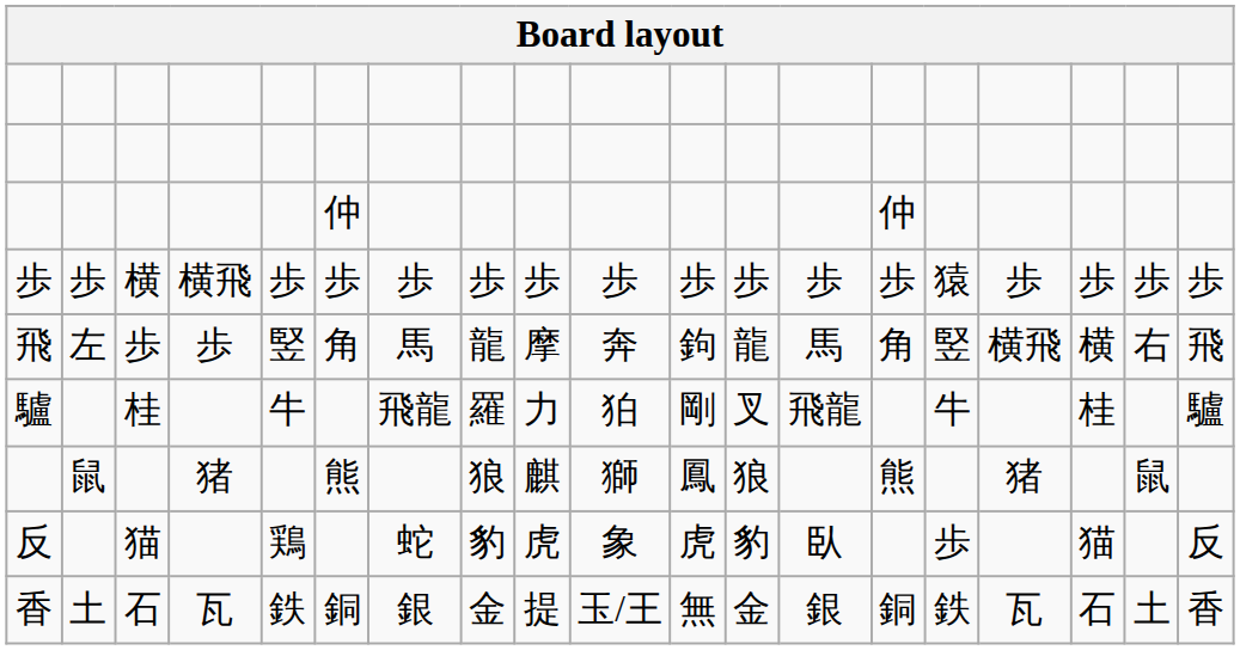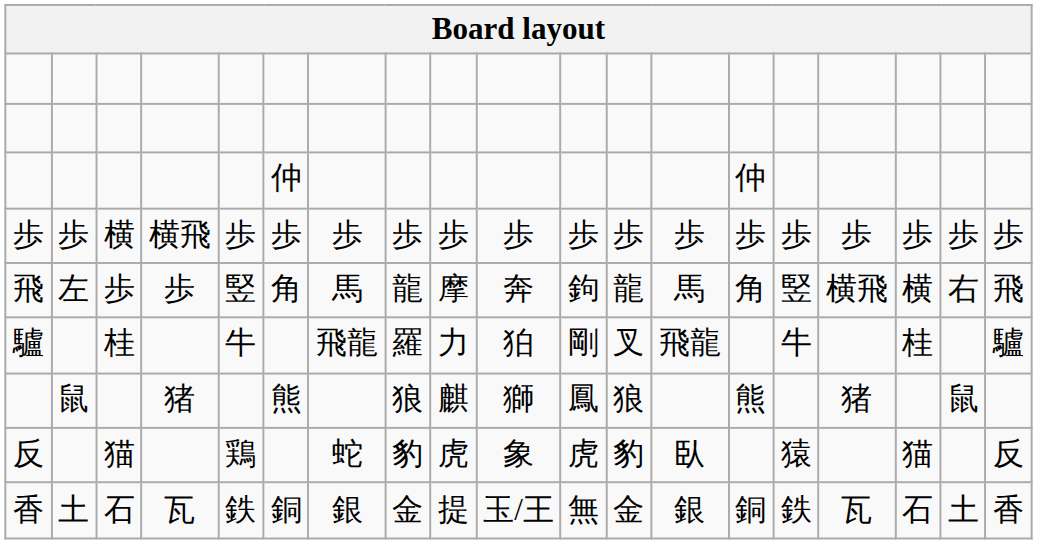 <table class=wikitable style="margin:1em auto;">
 <tr align=center>
 <th colspan="19">Board layout</th>
 </tr>
 <tr align=center>
 <td> </td>
 <td> </td>
 <td> </td>
 <td> </td>
 <td> </td>
 <td> </td>
 <td> </td>
 <td> </td>
 <td> </td>
 <td> </td>
 <td> </td>
 <td> </td>
 <td> </td>
 <td> </td>
 <td> </td>
 <td> </td>
 <td> </td>
 <td> </td>
 <td> </td>
 </tr>
 <tr align=center>
 <td> </td>
 <td> </td>
 <td> </td>
 <td> </td>
 <td> </td>
 <td> </td>
 <td> </td>
 <td> </td>
 <td> </td>
 <td> </td>
 <td> </td>
 <td> </td>
 <td> </td>
 <td> </td>
 <td> </td>
 <td> </td>
 <td> </td>
 <td> </td>
 <td> </td>
 </tr>
 <tr align=center>
 <td> </td>
 <td> </td>
 <td> </td>
 <td> </td>
 <td> </td>
 <td>仲</td>
 <td> </td>
 <td> </td>
 <td> </td>
 <td> </td>
 <td> </td>
 <td> </td>
 <td> </td>
 <td>仲</td>
 <td> </td>
 <td> </td>
 <td> </td>
 <td> </td>
 <td> </td>
 </tr>
 <tr align=center>
 <td>歩</td>
 <td>歩</td>
 <td>横</td>
 <td>横飛</td>
 <td>歩</td>
 <td>歩</td>
 <td>歩</td>
 <td>歩</td>
 <td>歩</td>
 <td>歩</td>
 <td>歩</td>
 <td>歩</td>
 <td>歩</td>
 <td>歩</td>
-<td>猿</td>
+<td>歩</td>
 <td>歩</td>
 <td>歩</td>
 <td>歩</td>
 <td>歩</td>
 </tr>
 <tr align=center>
 <td>飛</td>
 <td>左</td>
 <td>歩</td>
 <td>歩</td>
 <td>竪</td>
 <td>角</td>
 <td>馬</td>
 <td>龍</td>
 <td>摩</td>
 <td>奔</td>
 <td>鉤</td>
 <td>龍</td>
 <td>馬</td>
 <td>角</td>
 <td>竪</td>
 <td>横飛</td>
 <td>横</td>
 <td>右</td>
 <td>飛</td>
 </tr>
 <tr align=center>
 <td>驢</td>
 <td> </td>
 <td>桂</td>
 <td> </td>
 <td>牛</td>
 <td> </td>
 <td>飛龍</td>
 <td>羅</td>
 <td>力</td>
 <td>狛</td>
 <td>剛</td>
 <td>叉</td>
 <td>飛龍</td>
 <td> </td>
 <td>牛</td>
 <td> </td>
 <td>桂</td>
 <td> </td>
 <td>驢</td>
 </tr>
 <tr align=center>
 <td> </td>
 <td>鼠</td>
 <td> </td>
 <td>猪</td>
 <td> </td>
 <td>熊</td>
 <td> </td>
 <td>狼</td>
 <td>麒</td>
 <td>獅</td>
 <td>鳳</td>
 <td>狼</td>
 <td> </td>
 <td>熊</td>
 <td> </td>
 <td>猪</td>
 <td> </td>
 <td>鼠</td>
 <td> </td>
 </tr>
 <tr align=center>
 <td>反</td>
 <td> </td>
 <td>猫</td>
 <td> </td>
 <td>鶏</td>
 <td> </td>
 <td>蛇</td>
 <td>豹</td>
 <td>虎</td>
 <td>象</td>
 <td>虎</td>
 <td>豹</td>
 <td>臥</td>
 <td> </td>
-<td>歩</td>
+<td>猿</td>
 <td> </td>
 <td>猫</td>
 <td> </td>
 <td>反</td>
 </tr>
 <tr align=center>
 <td>香</td>
 <td>土</td>
 <td>石</td>
 <td>瓦</td>
 <td>鉄</td>
 <td>銅</td>
 <td>銀</td>
 <td>金</td>
 <td>提</td>
 <td>玉/王</td>
 <td>無</td>
 <td>金</td>
 <td>銀</td>
 <td>銅</td>
 <td>鉄</td>
 <td>瓦</td>
 <td>石</td>
 <td>土</td>
 <td>香</td>
 </tr>
 </table>
